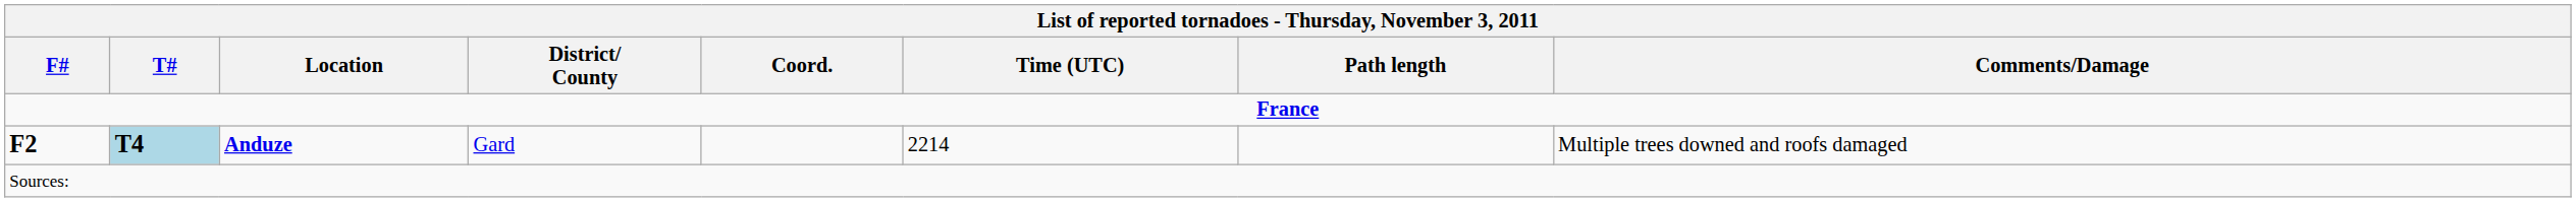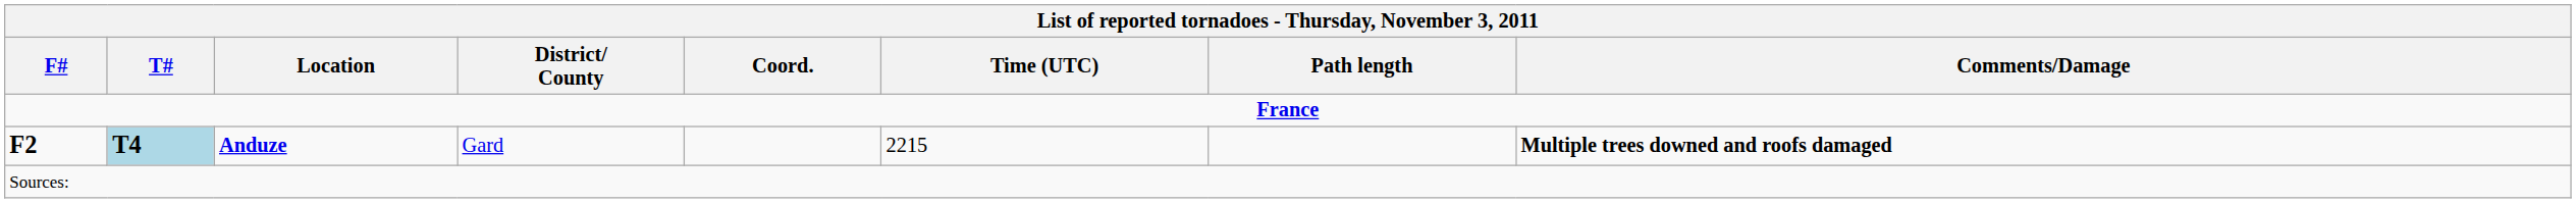 <table class="wikitable collapsible" width="100%">
 <tr>
 <th colspan="8">List of reported tornadoes - Thursday, November 3, 2011</th>
 </tr>
 <tr>
 <th><a href='#'>F#</a></th>
 <th><a href='#'>T#</a></th>
 <th>Location</th>
 <th>District/<br>County</th>
 <th>Coord.</th>
 <th>Time (UTC)</th>
 <th>Path length</th>
 <th>Comments/Damage</th>
 </tr>
 <tr>
 <td colspan="8" align=center><strong><a href='#'>France</a></strong></td>
 </tr>
 <tr>
 <td><big><strong>F2</strong></big></td>
 <td style="background: lightblue;"><big><strong>T4</strong></big></td>
 <td><strong><a href='#'>Anduze</a></strong></td>
 <td><a href='#'>Gard</a></td>
 <td></td>
-<td>2214</td>
+<td>2215</td>
 <td></td>
-<td>Multiple trees downed and roofs damaged</td>
+<td><strong>Multiple trees downed and roofs damaged</strong></td>
 </tr>
 <tr>
 <td colspan="8"><small>Sources:  </small></td>
 </tr>
 </table>
